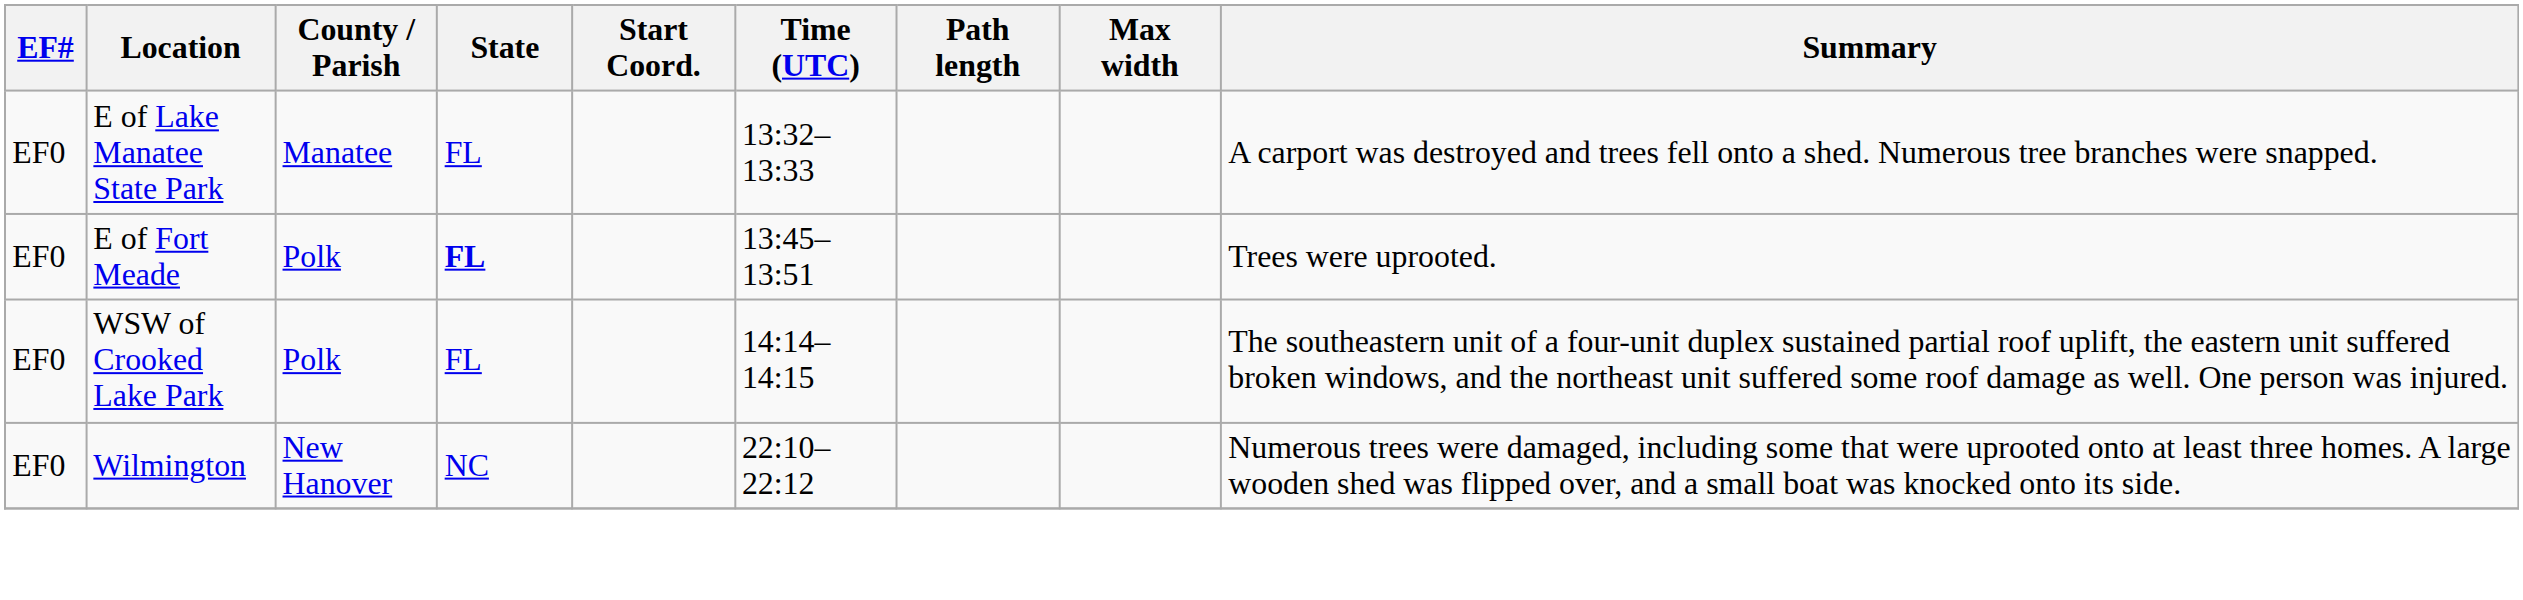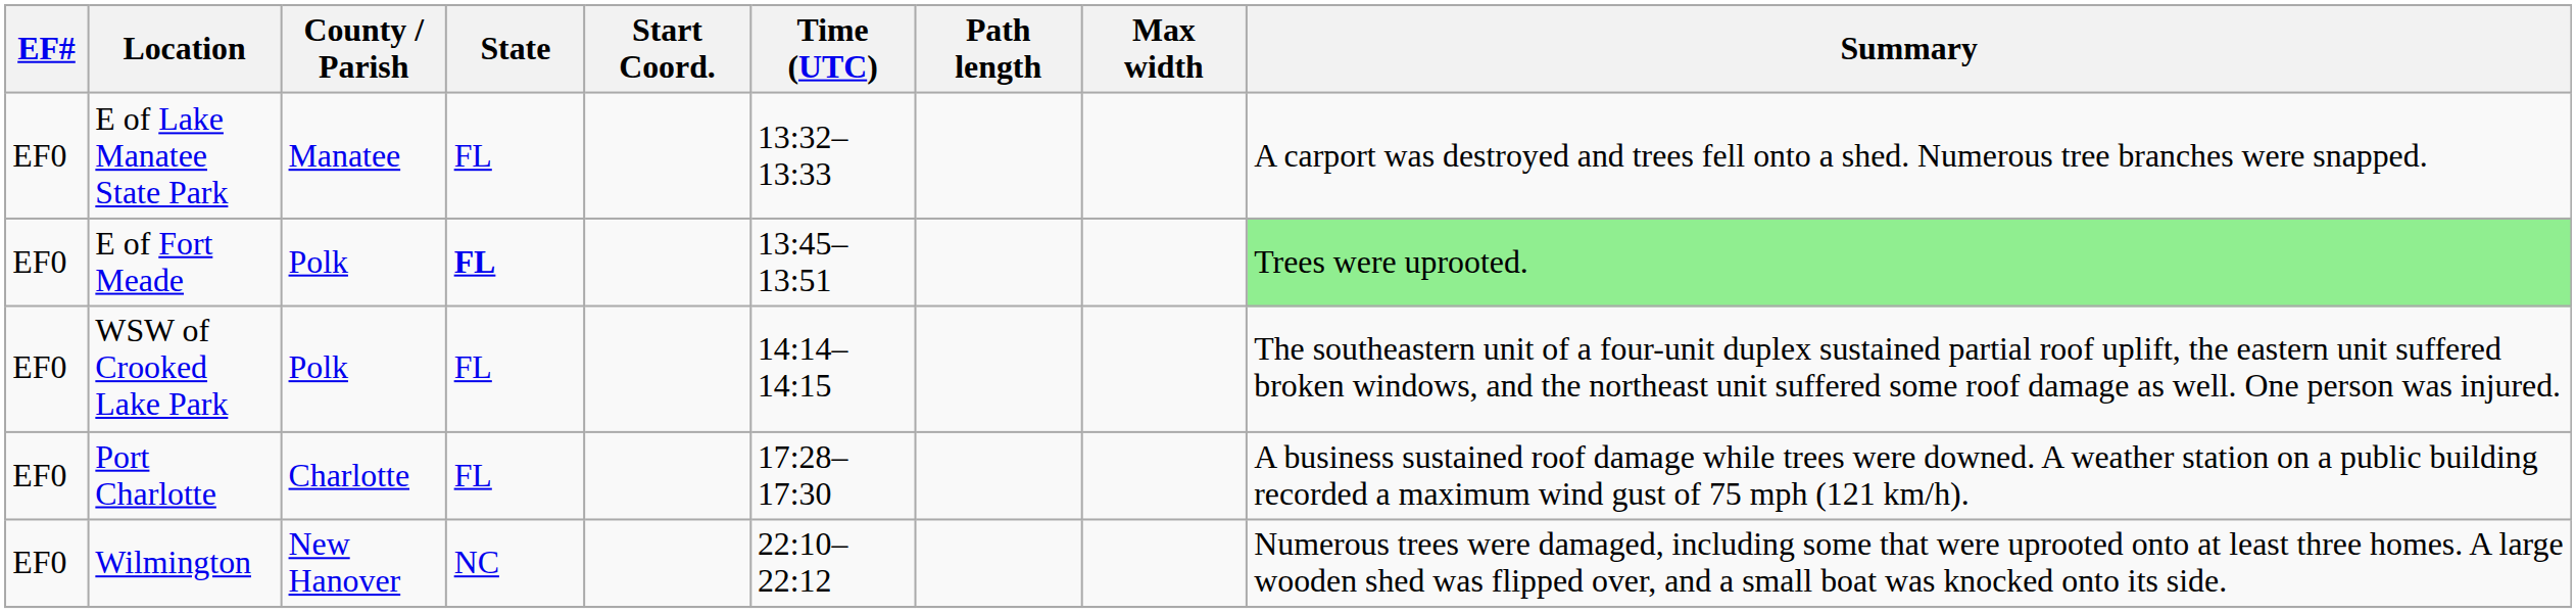 <table class="wikitable sortable" style="width:100%;">
 <tr>
 <th scope="col"  style="width:3%; text-align:center;"><a href='#'>EF#</a></th>
 <th scope="col"  style="width:7%; text-align:center;" class="unsortable">Location</th>
 <th scope="col"  style="width:6%; text-align:center;" class="unsortable">County / Parish</th>
 <th scope="col"  style="width:5%; text-align:center;">State</th>
 <th scope="col"  style="width:6%; text-align:center;">Start Coord.</th>
 <th scope="col"  style="width:6%; text-align:center;">Time (<a href='#'>UTC</a>)</th>
 <th scope="col"  style="width:6%; text-align:center;">Path length</th>
 <th scope="col"  style="width:6%; text-align:center;">Max width</th>
 <th scope="col" class="unsortable" style="width:48%; text-align:center;">Summary</th>
 </tr>
 <tr>
 <td>EF0</td>
 <td>E of <a href='#'>Lake Manatee State Park</a></td>
 <td><a href='#'>Manatee</a></td>
 <td><a href='#'>FL</a></td>
 <td></td>
 <td>13:32–13:33</td>
 <td></td>
 <td></td>
 <td>A carport was destroyed and trees fell onto a shed. Numerous tree branches were snapped.</td>
 </tr>
 <tr>
 <td>EF0</td>
 <td>E of <a href='#'>Fort Meade</a></td>
 <td><a href='#'>Polk</a></td>
 <td><strong><a href='#'>FL</a></strong></td>
 <td></td>
 <td>13:45–13:51</td>
 <td></td>
 <td></td>
-<td>Trees were uprooted.</td>
+<td style="background: lightgreen;">Trees were uprooted.</td>
 </tr>
 <tr>
 <td>EF0</td>
 <td>WSW of <a href='#'>Crooked Lake Park</a></td>
 <td><a href='#'>Polk</a></td>
 <td><a href='#'>FL</a></td>
 <td></td>
 <td>14:14–14:15</td>
 <td></td>
 <td></td>
 <td>The southeastern unit of a four-unit duplex sustained partial roof uplift, the eastern unit suffered broken windows, and the northeast unit suffered some roof damage as well. One person was injured.</td>
+</tr>
+<tr>
+<td>EF0</td>
+<td><a href='#'>Port Charlotte</a></td>
+<td><a href='#'>Charlotte</a></td>
+<td><a href='#'>FL</a></td>
+<td></td>
+<td>17:28–17:30</td>
+<td></td>
+<td></td>
+<td>A business sustained roof damage while trees were downed. A weather station on a public building recorded a maximum wind gust of 75 mph (121 km/h).</td>
 </tr>
 <tr>
 <td>EF0</td>
 <td><a href='#'>Wilmington</a></td>
 <td><a href='#'>New Hanover</a></td>
 <td><a href='#'>NC</a></td>
 <td></td>
 <td>22:10–22:12</td>
 <td></td>
 <td></td>
 <td>Numerous trees were damaged, including some that were uprooted onto at least three homes. A large wooden shed was flipped over, and a small boat was knocked onto its side.</td>
 </tr>
 <tr>
 </tr>
 </table>
